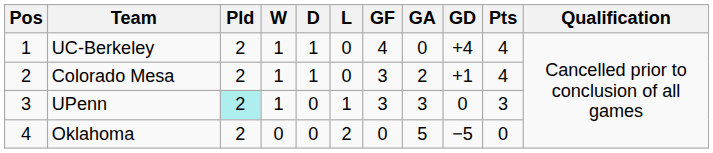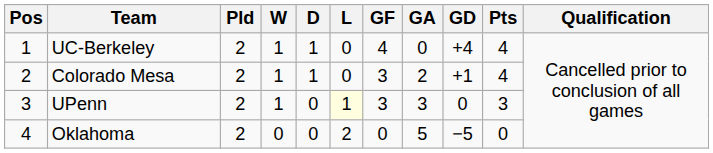 <table class="wikitable" style="text-align:center; margin: 1em auto">
 <tr>
 <th style="width:2em">Pos</th>
 <th style="width:13em">Team</th>
 <th style="width:2em">Pld</th>
 <th style="width:2em">W</th>
 <th style="width:2em">D</th>
 <th style="width:2em">L</th>
 <th style="width:2em">GF</th>
 <th style="width:2em">GA</th>
 <th style="width:2em">GD</th>
 <th style="width:2em">Pts</th>
 <th style="width:13em">Qualification</th>
 </tr>
 <tr>
 <td>1</td>
 <td style="text-align:left">UC-Berkeley</td>
 <td>2</td>
 <td>1</td>
 <td>1</td>
 <td>0</td>
 <td>4</td>
 <td>0</td>
 <td>+4</td>
 <td>4</td>
 <td rowspan="4">Cancelled prior to conclusion of all games</td>
 </tr>
 <tr>
 <td>2</td>
 <td style="text-align:left">Colorado Mesa</td>
 <td>2</td>
 <td>1</td>
 <td>1</td>
 <td>0</td>
 <td>3</td>
 <td>2</td>
 <td>+1</td>
 <td>4</td>
 </tr>
 <tr>
 <td>3</td>
 <td style="text-align:left">UPenn</td>
-<td style="background: paleturquoise;">2</td>
+<td>2</td>
 <td>1</td>
 <td>0</td>
-<td>1</td>
+<td style="background: lightyellow;">1</td>
 <td>3</td>
 <td>3</td>
 <td>0</td>
 <td>3</td>
 </tr>
 <tr>
 <td>4</td>
 <td style="text-align:left">Oklahoma</td>
 <td>2</td>
 <td>0</td>
 <td>0</td>
 <td>2</td>
 <td>0</td>
 <td>5</td>
 <td>−5</td>
 <td>0</td>
 </tr>
 </table>
